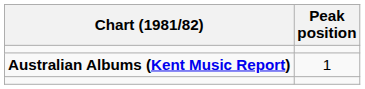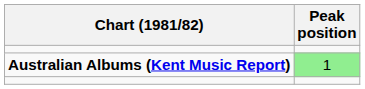 <table class="wikitable sortable plainrowheaders">
 <tr>
 <th>Chart (1981/82)</th>
 <th>Peak<br>position</th>
 </tr>
 <tr>
 <td></td>
 </tr>
 <tr>
 <td><strong>Australian Albums (<a href='#'>Kent Music Report</a>)</strong></td>
-<td style="text-align:center;">1</td>
+<td style="background: lightgreen; text-align:center;">1</td>
 </tr>
 <tr>
 <td></td>
 </tr>
 </table>
